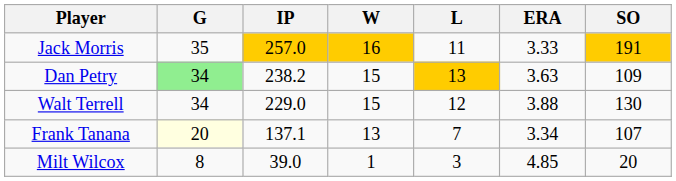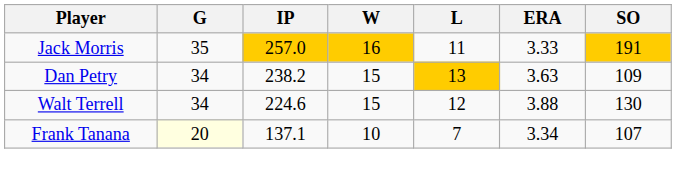 <table class="wikitable sortable">
 <tr>
 <th bgcolor="#DDDDFF" width="16%">Player</th>
 <th bgcolor="#DDDDFF" width="9%">G</th>
 <th bgcolor="#DDDDFF" width="9%">IP</th>
 <th bgcolor="#DDDDFF" width="9%">W</th>
 <th bgcolor="#DDDDFF" width="9%">L</th>
 <th bgcolor="#DDDDFF" width="9%">ERA</th>
 <th bgcolor="#DDDDFF" width="9%">SO</th>
 </tr>
 <tr align="center">
 <td><a href='#'>Jack Morris</a></td>
 <td>35</td>
 <td style="background:#fc0;">257.0</td>
 <td style="background:#fc0;">16</td>
 <td>11</td>
 <td>3.33</td>
 <td style="background:#fc0;">191</td>
 </tr>
 <tr align="center">
 <td><a href='#'>Dan Petry</a></td>
-<td style="background: lightgreen;">34</td>
+<td>34</td>
 <td>238.2</td>
 <td>15</td>
 <td style="background:#fc0;">13</td>
 <td>3.63</td>
 <td>109</td>
 </tr>
 <tr align="center">
 <td><a href='#'>Walt Terrell</a></td>
 <td>34</td>
-<td>229.0</td>
+<td>224.6</td>
 <td>15</td>
 <td>12</td>
 <td>3.88</td>
 <td>130</td>
 </tr>
 <tr align="center">
 <td><a href='#'>Frank Tanana</a></td>
 <td style="background: lightyellow;">20</td>
 <td>137.1</td>
-<td>13</td>
+<td>10</td>
 <td>7</td>
 <td>3.34</td>
 <td>107</td>
 </tr>
-<tr align="center">
-<td><a href='#'>Milt Wilcox</a></td>
-<td>8</td>
-<td>39.0</td>
-<td>1</td>
-<td>3</td>
-<td>4.85</td>
-<td>20</td>
-</tr>
 </table>
